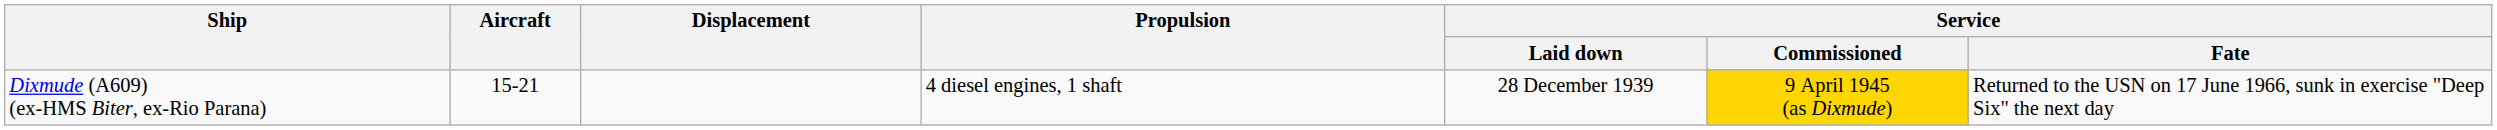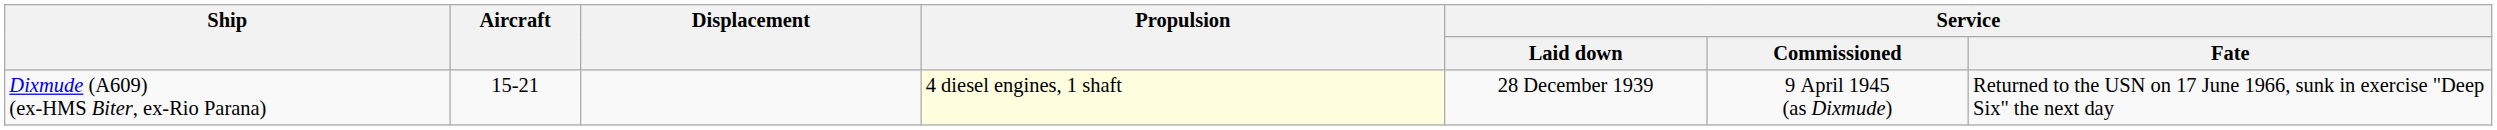 <table class="wikitable" style="width:98%;">
 <tr valign="top"|- valign="top">
 <th style="width:17%; text-align:center;" rowspan="2">Ship</th>
 <th style="width:5%; text-align:center;" rowspan="2">Aircraft</th>
 <th style="width:13%; text-align:center;" rowspan="2">Displacement</th>
 <th style="width:20%; text-align:center;" rowspan="2">Propulsion</th>
 <th style="width:40%; text-align:center;" colspan="3">Service</th>
 </tr>
 <tr valign="top">
 <th style="width:10%; text-align:center;">Laid down</th>
 <th style="width:10%; text-align:center;">Commissioned</th>
 <th style="width:20%; text-align:center;">Fate</th>
 </tr>
 <tr valign="top">
 <td align= left><em><a href='#'>Dixmude</a></em> (A609)<br>(ex-HMS <em>Biter</em>, ex-Rio Parana)</td>
 <td style="text-align:center;">15-21</td>
 <td style="text-align:center;"></td>
-<td align= left>4 diesel engines, 1 shaft</td>
+<td align= left style="background: lightyellow;">4 diesel engines, 1 shaft</td>
 <td style="text-align:center;">28 December 1939</td>
-<td style="background: gold; text-align:center;">9 April 1945<br>(as <em>Dixmude</em>)</td>
+<td style="text-align:center;">9 April 1945<br>(as <em>Dixmude</em>)</td>
 <td align= left>Returned to the USN on 17 June 1966, sunk in exercise "Deep Six" the next day</td>
 </tr>
 </table>
